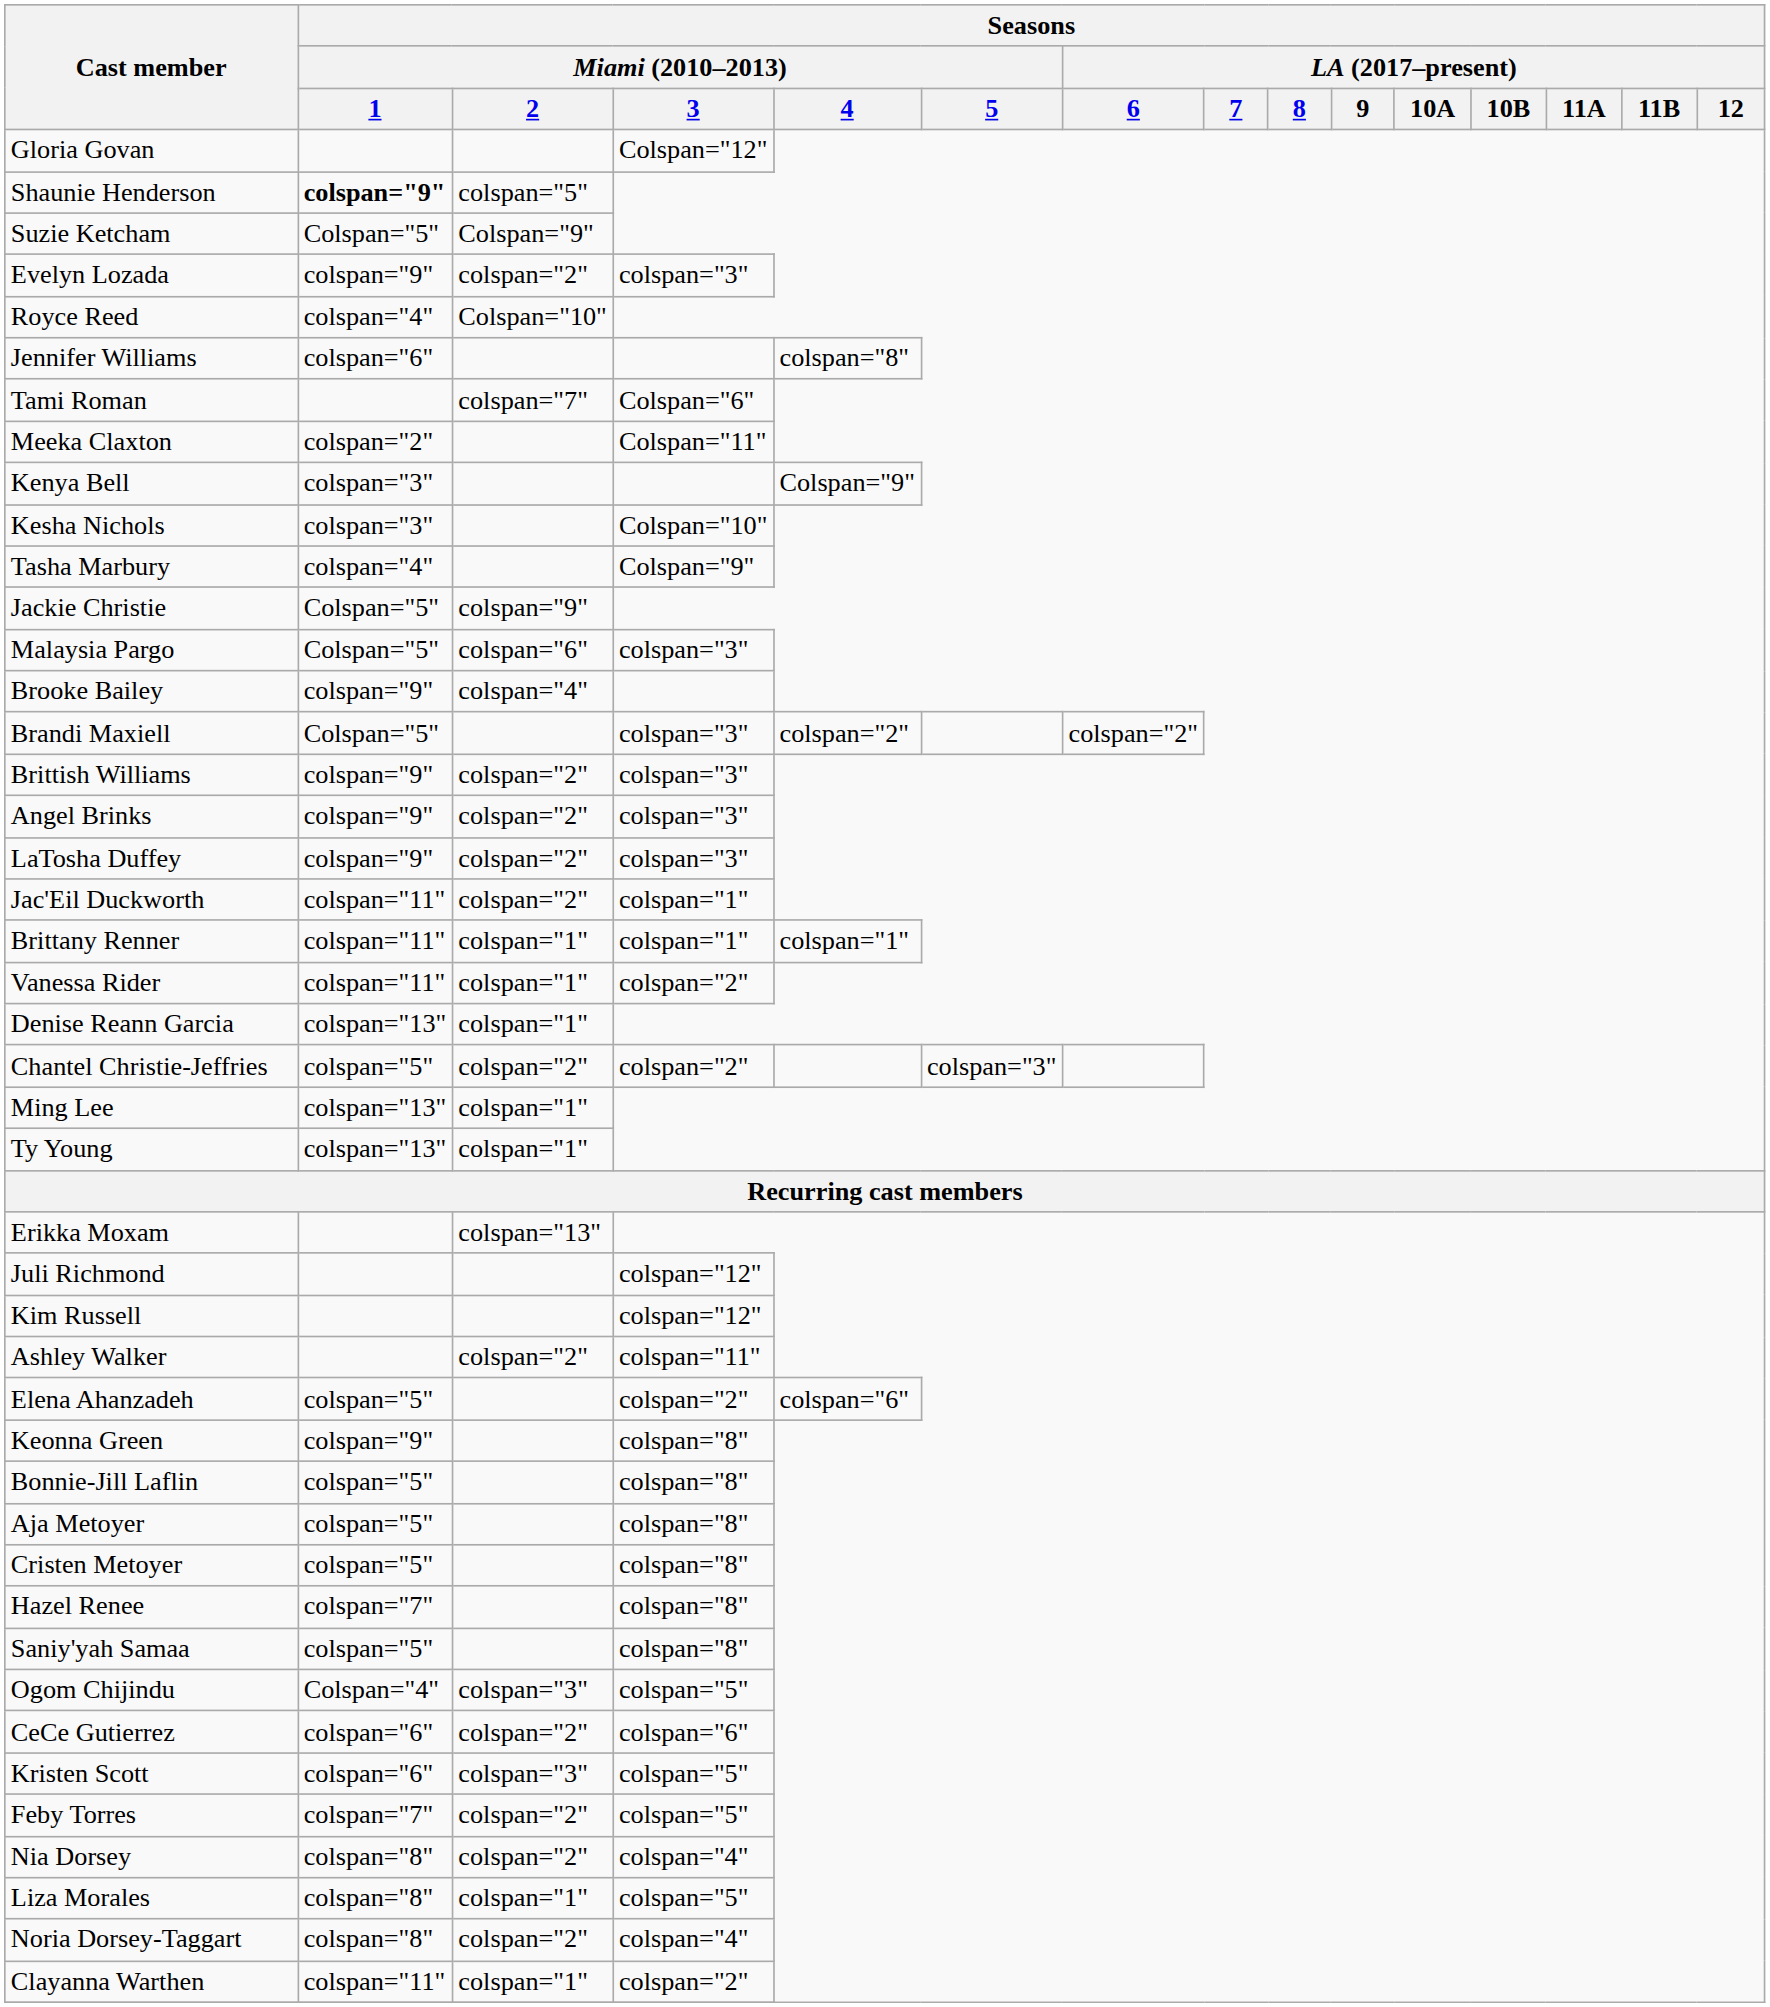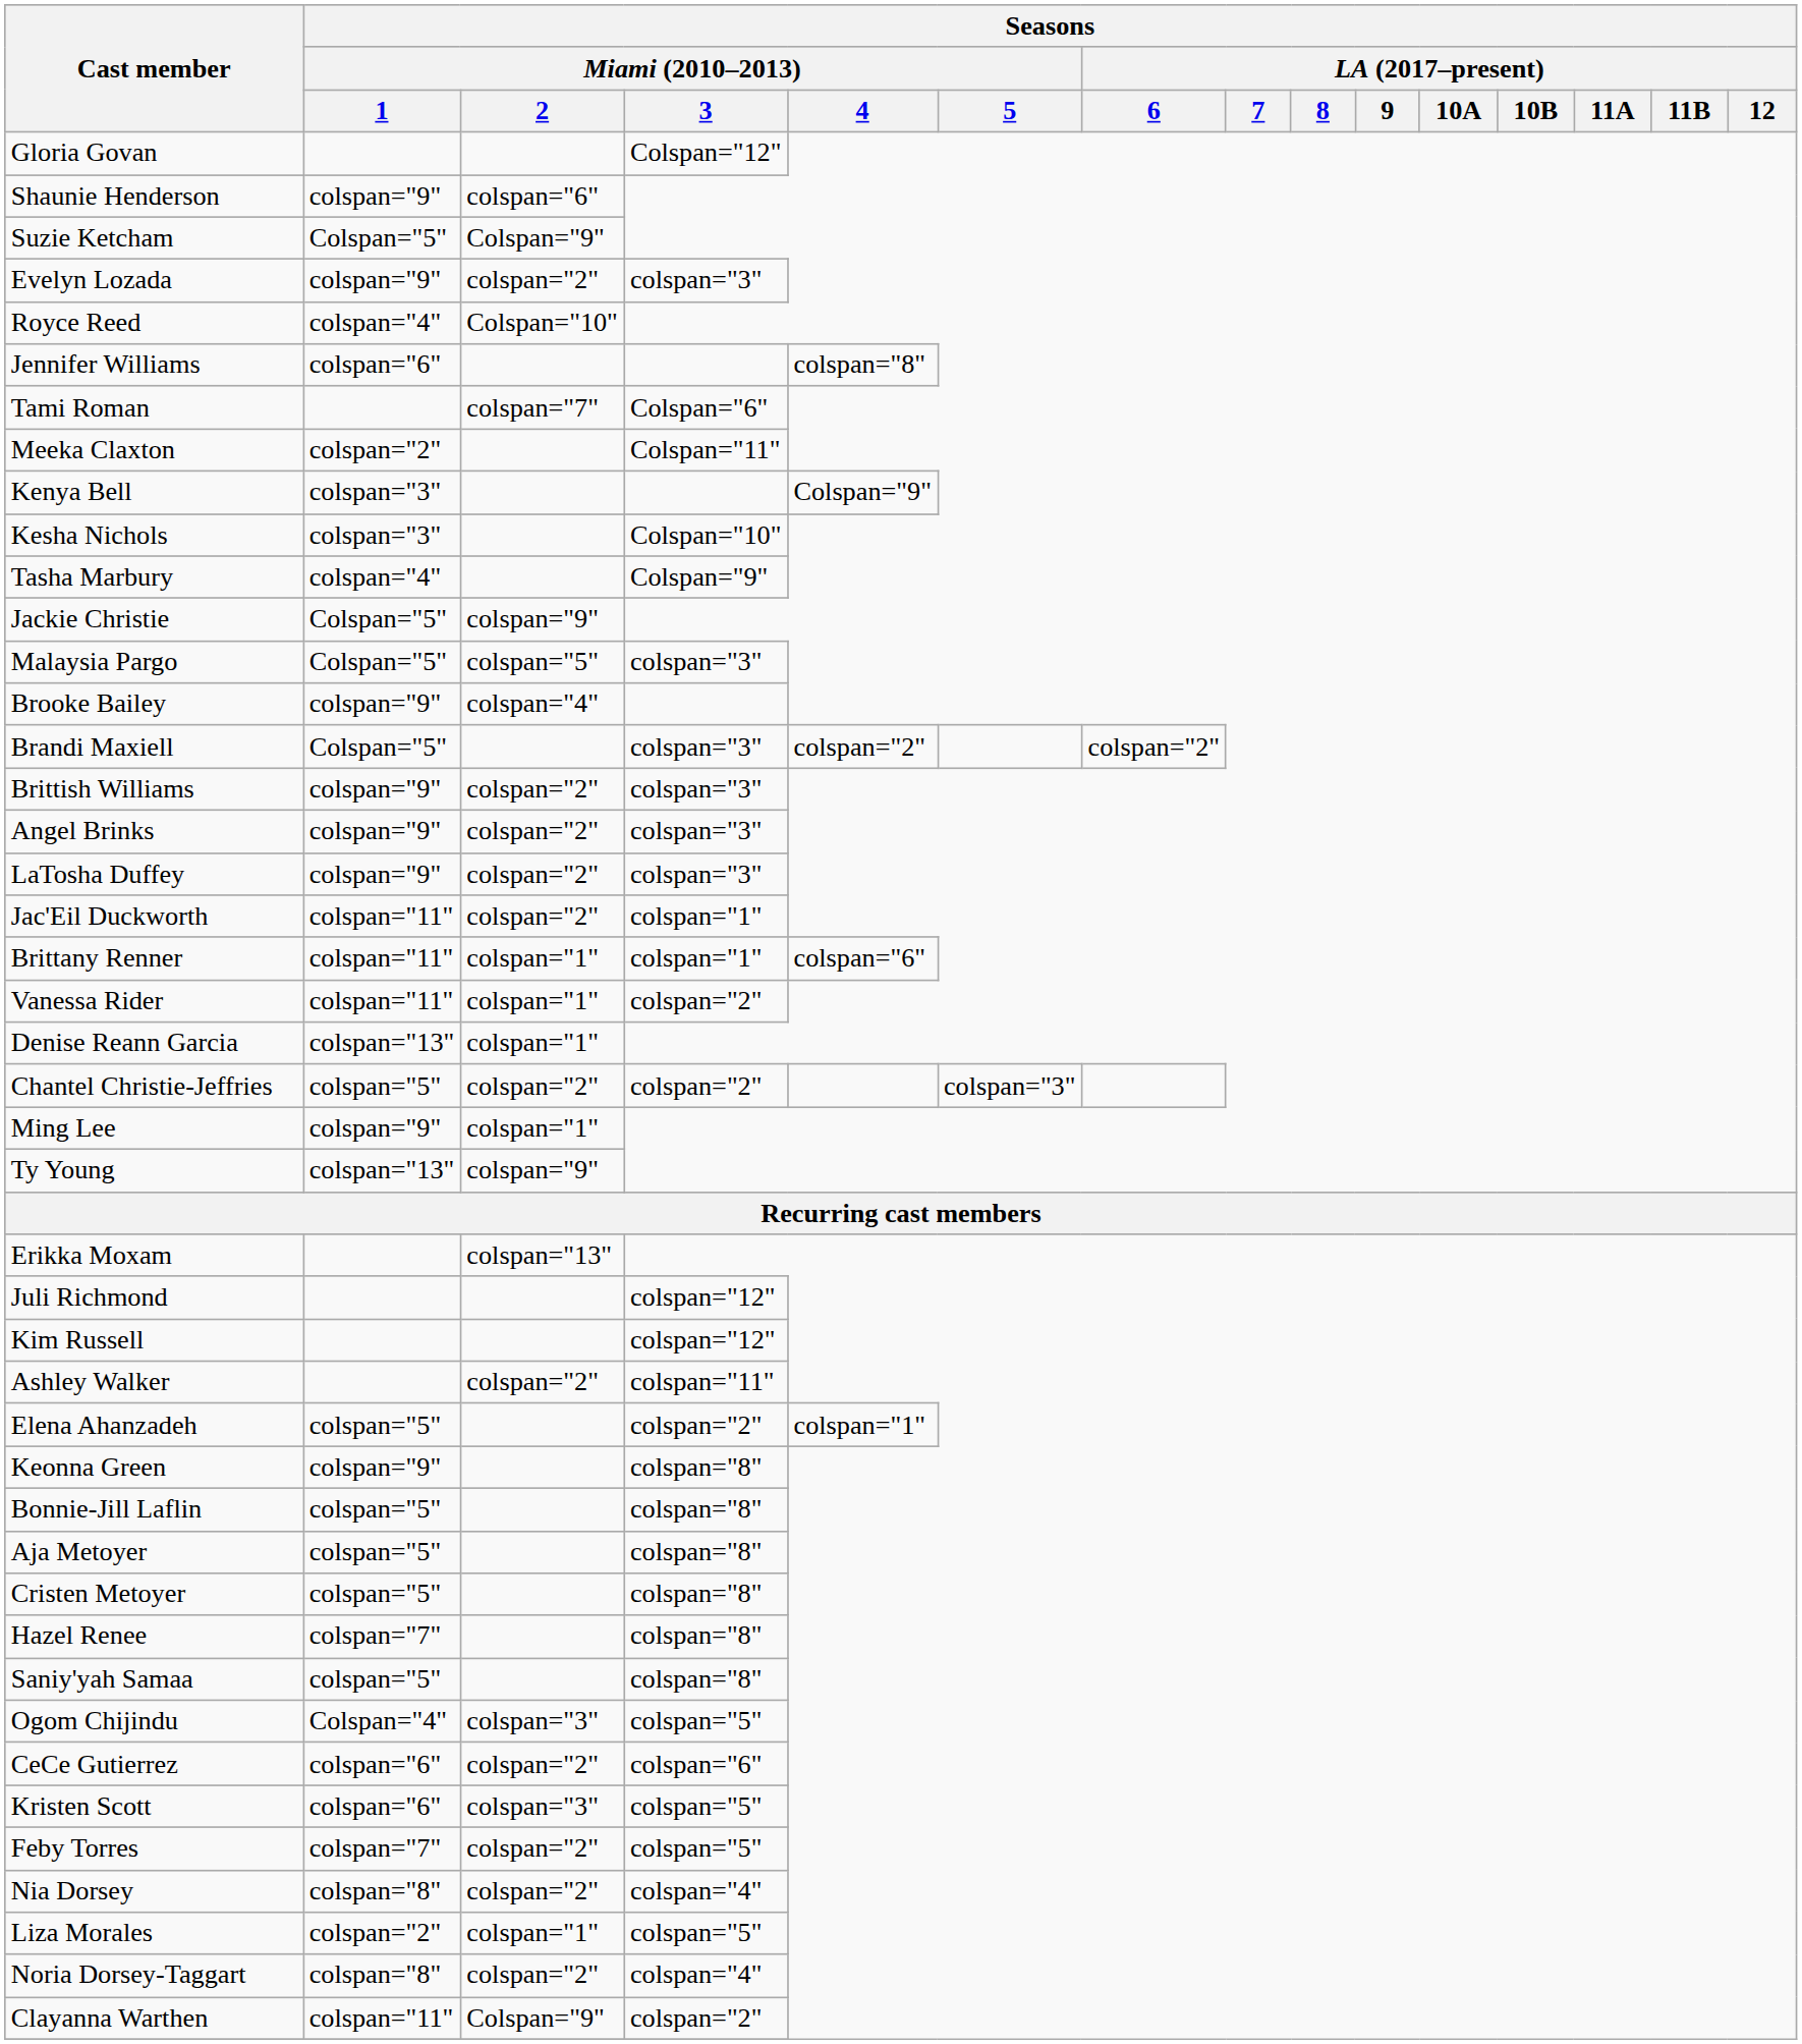 <table class="wikitable plainrowheaders" style="width:85%;">
 <tr>
 <th rowspan="3" style="width:17.5%;">Cast member</th>
 <th style=width:100em colspan=14>Seasons</th>
 </tr>
 <tr>
 <th scope="col" colspan="5"><em>Miami</em> (2010–2013)</th>
 <th scope="col" colspan="9"><em>LA</em> (2017–present)</th>
 </tr>
 <tr>
 <th style="width:5%;"><a href='#'>1</a></th>
 <th style="width:5%;"><a href='#'>2</a></th>
 <th style="width:5%;"><a href='#'>3</a></th>
 <th style="width:5%;"><a href='#'>4</a></th>
 <th style="width:5%;"><a href='#'>5</a></th>
 <th style="width:5%;"><a href='#'>6</a></th>
 <th style="width:5%;"><a href='#'>7</a></th>
 <th style="width:5%;"><a href='#'>8</a></th>
 <th style="width:5%;">9</th>
 <th style="width:5%;">10A</th>
 <th style="width:5%;">10B</th>
 <th style="width:5%;">11A</th>
 <th style="width:5%;">11B</th>
 <th style="width:5%;">12</th>
 </tr>
 <tr>
 <td>Gloria Govan</td>
 <td></td>
 <td></td>
 <td>Colspan="12" </td>
 </tr>
 <tr>
 <td nowrap>Shaunie Henderson</td>
-<td><strong>colspan="9" </strong></td>
-<td>colspan="5" </td>
+<td>colspan="9" </td>
+<td>colspan="6" </td>
 </tr>
 <tr>
 <td>Suzie Ketcham</td>
 <td>Colspan="5" </td>
 <td>Colspan="9" </td>
 </tr>
 <tr>
 <td>Evelyn Lozada</td>
 <td>colspan="9" </td>
 <td>colspan="2" </td>
 <td>colspan="3" </td>
 </tr>
 <tr>
 <td>Royce Reed</td>
 <td>colspan="4" </td>
 <td>Colspan="10" </td>
 </tr>
 <tr>
 <td>Jennifer Williams</td>
 <td>colspan="6" </td>
 <td></td>
 <td></td>
 <td>colspan="8" </td>
 </tr>
 <tr>
 <td>Tami Roman</td>
 <td></td>
 <td>colspan="7" </td>
 <td>Colspan="6" </td>
 </tr>
 <tr>
 <td>Meeka Claxton</td>
 <td>colspan="2" </td>
 <td></td>
 <td>Colspan="11" </td>
 </tr>
 <tr>
 <td>Kenya Bell</td>
 <td>colspan="3" </td>
 <td></td>
 <td></td>
 <td>Colspan="9" </td>
 </tr>
 <tr>
 <td>Kesha Nichols</td>
 <td>colspan="3" </td>
 <td></td>
 <td>Colspan="10" </td>
 </tr>
 <tr>
 <td>Tasha Marbury</td>
 <td>colspan="4" </td>
 <td></td>
 <td>Colspan="9" </td>
 </tr>
 <tr>
 <td>Jackie Christie</td>
 <td>Colspan="5" </td>
 <td>colspan="9" </td>
 </tr>
 <tr>
 <td>Malaysia Pargo</td>
 <td>Colspan="5" </td>
-<td>colspan="6" </td>
+<td>colspan="5" </td>
 <td>colspan="3" </td>
 </tr>
 <tr>
 <td>Brooke Bailey</td>
 <td>colspan="9" </td>
 <td>colspan="4" </td>
 <td></td>
 </tr>
 <tr>
 <td>Brandi Maxiell</td>
 <td>Colspan="5" </td>
 <td></td>
 <td>colspan="3" </td>
 <td>colspan="2" </td>
 <td></td>
 <td>colspan="2" </td>
 </tr>
 <tr>
 <td>Brittish Williams</td>
 <td>colspan="9" </td>
 <td>colspan="2" </td>
 <td>colspan="3" </td>
 </tr>
 <tr>
 <td>Angel Brinks</td>
 <td>colspan="9" </td>
 <td>colspan="2" </td>
 <td>colspan="3" </td>
 </tr>
 <tr>
 <td>LaTosha Duffey</td>
 <td>colspan="9" </td>
 <td>colspan="2" </td>
 <td>colspan="3" </td>
 </tr>
 <tr>
 <td>Jac'Eil Duckworth</td>
 <td>colspan="11" </td>
 <td>colspan="2" </td>
 <td>colspan="1" </td>
 </tr>
 <tr>
 <td>Brittany Renner</td>
 <td>colspan="11" </td>
 <td>colspan="1" </td>
 <td>colspan="1" </td>
-<td>colspan="1" </td>
+<td>colspan="6" </td>
 </tr>
 <tr>
 <td>Vanessa Rider</td>
 <td>colspan="11" </td>
 <td>colspan="1" </td>
 <td>colspan="2" </td>
 </tr>
 <tr>
 <td>Denise Reann Garcia</td>
 <td>colspan="13" </td>
 <td>colspan="1" </td>
 </tr>
 <tr>
 <td nowrap>Chantel Christie-Jeffries</td>
 <td>colspan="5" </td>
 <td>colspan="2" </td>
 <td>colspan="2" </td>
 <td></td>
 <td>colspan="3" </td>
 <td></td>
 </tr>
 <tr>
 <td>Ming Lee</td>
-<td>colspan="13" </td>
+<td>colspan="9" </td>
 <td>colspan="1" </td>
 </tr>
 <tr>
 <td>Ty Young</td>
 <td>colspan="13" </td>
-<td>colspan="1" </td>
+<td>colspan="9" </td>
 </tr>
 <tr>
 <th colspan="15">Recurring cast members</th>
 </tr>
 <tr>
 <td>Erikka Moxam</td>
 <td></td>
 <td>colspan="13" </td>
 </tr>
 <tr>
 <td>Juli Richmond</td>
 <td></td>
 <td></td>
 <td>colspan="12" </td>
 </tr>
 <tr>
 <td>Kim Russell</td>
 <td></td>
 <td></td>
 <td>colspan="12" </td>
 </tr>
 <tr>
 <td>Ashley Walker</td>
 <td></td>
 <td>colspan="2" </td>
 <td>colspan="11" </td>
 </tr>
 <tr>
 <td>Elena Ahanzadeh</td>
 <td>colspan="5" </td>
 <td></td>
 <td>colspan="2" </td>
-<td>colspan="6" </td>
+<td>colspan="1" </td>
 </tr>
 <tr>
 <td>Keonna Green</td>
 <td>colspan="9" </td>
 <td></td>
 <td>colspan="8" </td>
 </tr>
 <tr>
 <td>Bonnie-Jill Laflin</td>
 <td>colspan="5" </td>
 <td></td>
 <td>colspan="8" </td>
 </tr>
 <tr>
 <td>Aja Metoyer</td>
 <td>colspan="5" </td>
 <td></td>
 <td>colspan="8" </td>
 </tr>
 <tr>
 <td>Cristen Metoyer</td>
 <td>colspan="5" </td>
 <td></td>
 <td>colspan="8" </td>
 </tr>
 <tr>
 <td>Hazel Renee</td>
 <td>colspan="7" </td>
 <td></td>
 <td>colspan="8" </td>
 </tr>
 <tr>
 <td>Saniy'yah Samaa</td>
 <td>colspan="5" </td>
 <td></td>
 <td>colspan="8" </td>
 </tr>
 <tr>
 <td>Ogom Chijindu</td>
 <td>Colspan="4" </td>
 <td>colspan="3" </td>
 <td>colspan="5" </td>
 </tr>
 <tr>
 <td>CeCe Gutierrez</td>
 <td>colspan="6" </td>
 <td>colspan="2" </td>
 <td>colspan="6" </td>
 </tr>
 <tr>
 <td>Kristen Scott</td>
 <td>colspan="6" </td>
 <td>colspan="3" </td>
 <td>colspan="5" </td>
 </tr>
 <tr>
 <td>Feby Torres</td>
 <td>colspan="7" </td>
 <td>colspan="2" </td>
 <td>colspan="5" </td>
 </tr>
 <tr>
 <td>Nia Dorsey</td>
 <td>colspan="8" </td>
 <td>colspan="2" </td>
 <td>colspan="4" </td>
 </tr>
 <tr>
 <td>Liza Morales</td>
-<td>colspan="8" </td>
+<td>colspan="2" </td>
 <td>colspan="1" </td>
 <td>colspan="5" </td>
 </tr>
 <tr>
 <td nowrap>Noria Dorsey-Taggart</td>
 <td>colspan="8" </td>
 <td>colspan="2" </td>
 <td>colspan="4" </td>
 </tr>
 <tr>
 <td>Clayanna Warthen</td>
 <td>colspan="11" </td>
-<td>colspan="1" </td>
+<td>Colspan="9" </td>
 <td>colspan="2" </td>
 </tr>
 <tr>
 </tr>
 </table>
